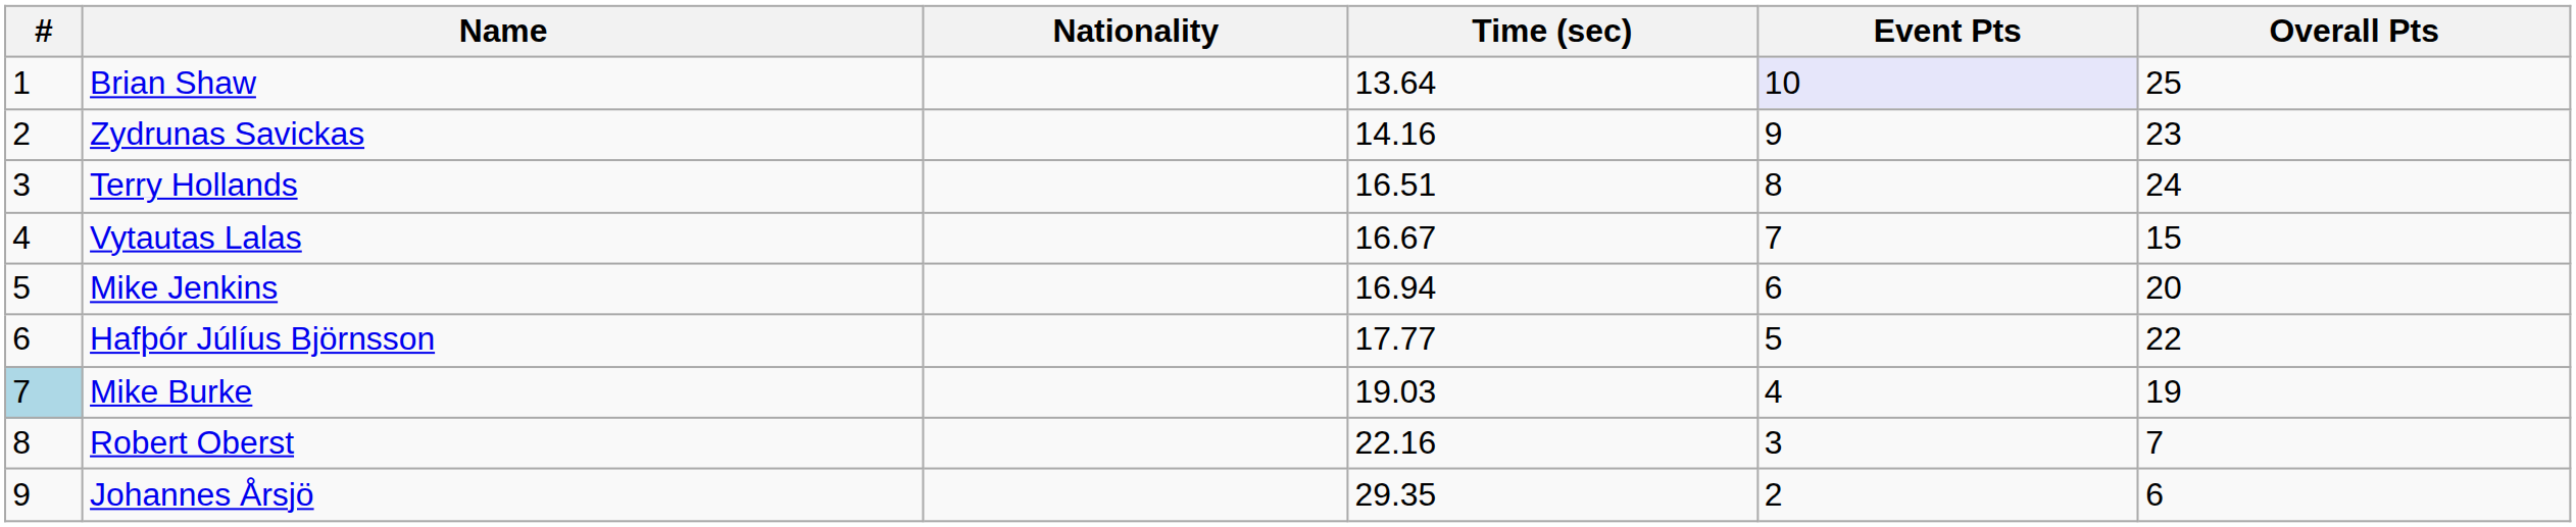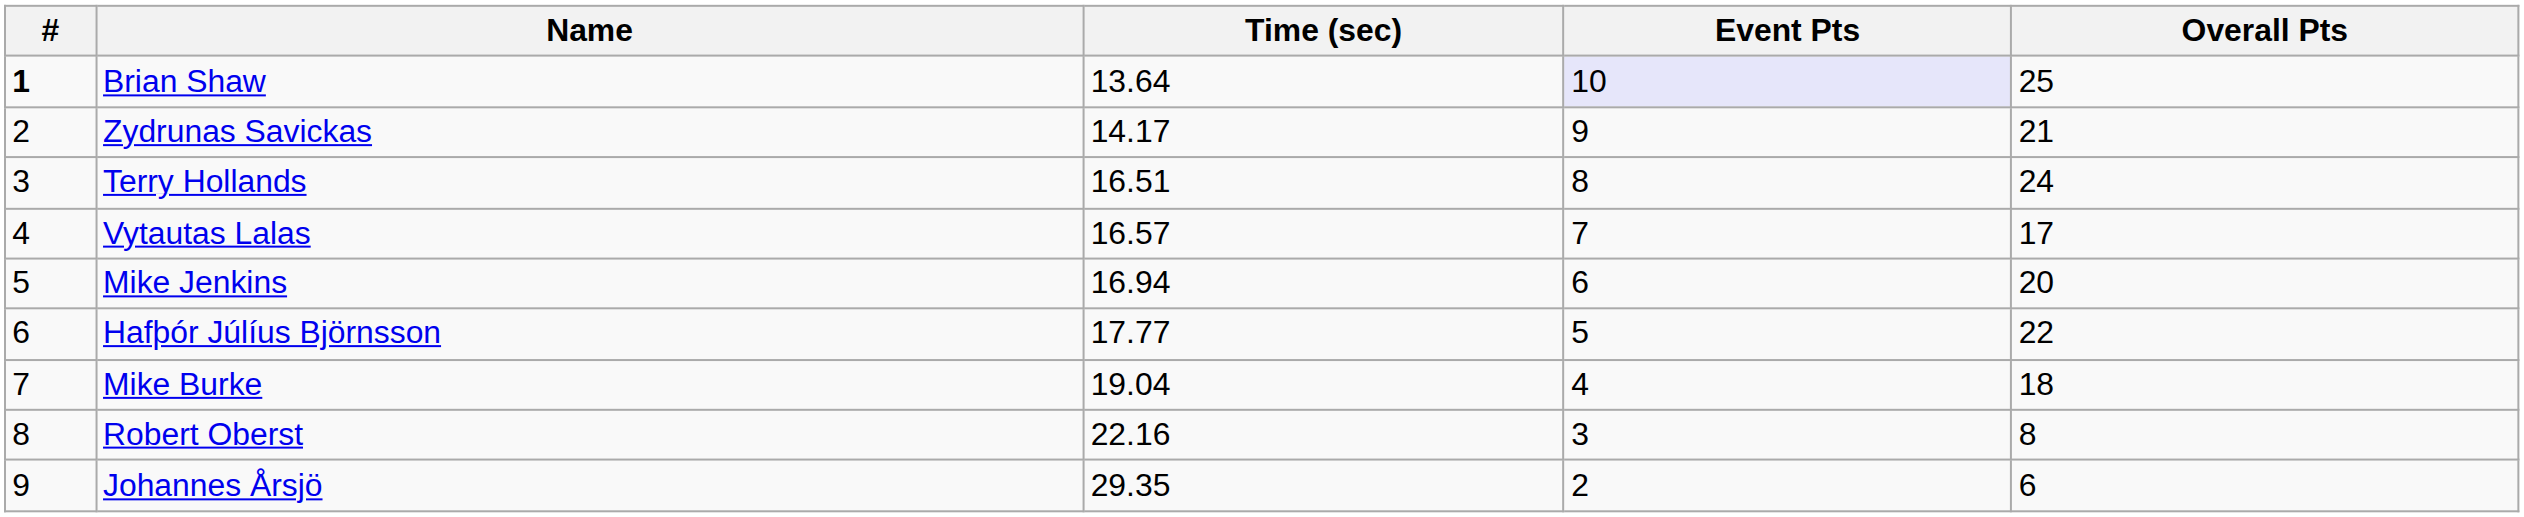 <table class="wikitable sortable" style="display: inline-table; width: 100%;">
 <tr>
 <th>#</th>
 <th>Name</th>
-<th>Nationality</th>
 <th>Time (sec)</th>
 <th>Event Pts</th>
 <th>Overall Pts</th>
 </tr>
 <tr>
-<td>1</td>
+<td><strong>1</strong></td>
 <td><a href='#'>Brian Shaw</a></td>
-<td></td>
 <td>13.64</td>
 <td style="background: lavender;">10</td>
 <td>25</td>
 </tr>
 <tr>
 <td>2</td>
 <td><a href='#'>Zydrunas Savickas</a></td>
-<td></td>
-<td>14.16</td>
+<td>14.17</td>
 <td>9</td>
-<td>23</td>
+<td>21</td>
 </tr>
 <tr>
 <td>3</td>
 <td><a href='#'>Terry Hollands</a></td>
-<td></td>
 <td>16.51</td>
 <td>8</td>
 <td>24</td>
 </tr>
 <tr>
 <td>4</td>
 <td><a href='#'>Vytautas Lalas</a></td>
-<td></td>
-<td>16.67</td>
+<td>16.57</td>
 <td>7</td>
-<td>15</td>
+<td>17</td>
 </tr>
 <tr>
 <td>5</td>
 <td><a href='#'>Mike Jenkins</a></td>
-<td></td>
 <td>16.94</td>
 <td>6</td>
 <td>20</td>
 </tr>
 <tr>
 <td>6</td>
 <td><a href='#'>Hafþór Júlíus Björnsson</a></td>
-<td></td>
 <td>17.77</td>
 <td>5</td>
 <td>22</td>
 </tr>
 <tr>
-<td style="background: lightblue;">7</td>
+<td>7</td>
 <td><a href='#'>Mike Burke</a></td>
-<td></td>
-<td>19.03</td>
+<td>19.04</td>
 <td>4</td>
-<td>19</td>
+<td>18</td>
 </tr>
 <tr>
 <td>8</td>
 <td><a href='#'>Robert Oberst</a></td>
-<td></td>
 <td>22.16</td>
 <td>3</td>
-<td>7</td>
+<td>8</td>
 </tr>
 <tr>
 <td>9</td>
 <td><a href='#'>Johannes Årsjö</a></td>
-<td></td>
 <td>29.35</td>
 <td>2</td>
 <td>6</td>
 </tr>
 </table>
